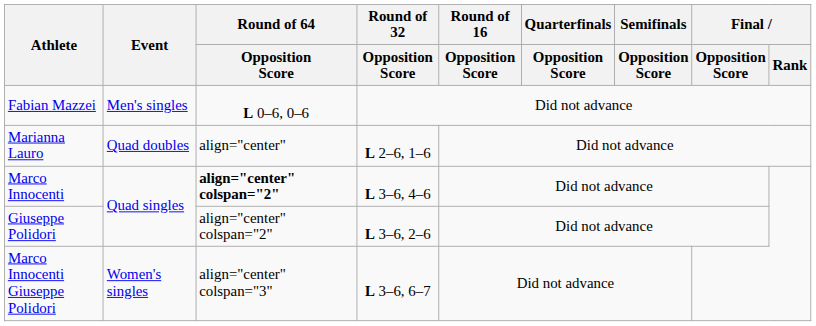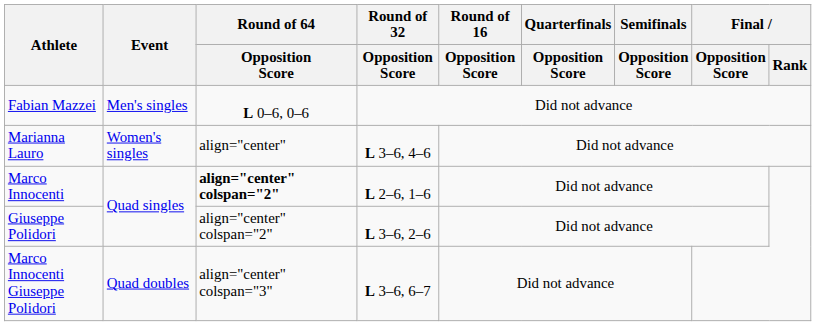 <table class=wikitable>
 <tr>
 <th rowspan="2">Athlete</th>
 <th rowspan="2">Event</th>
 <th>Round of 64</th>
 <th>Round of 32</th>
 <th>Round of 16</th>
 <th>Quarterfinals</th>
 <th>Semifinals</th>
 <th colspan="2">Final / </th>
 </tr>
 <tr>
 <th>Opposition<br>Score</th>
 <th>Opposition<br>Score</th>
 <th>Opposition<br>Score</th>
 <th>Opposition<br>Score</th>
 <th>Opposition<br>Score</th>
 <th>Opposition<br>Score</th>
 <th>Rank</th>
 </tr>
 <tr>
 <td><a href='#'>Fabian Mazzei</a></td>
 <td><a href='#'>Men's singles</a></td>
 <td align="center"><br> <strong>L</strong> 0–6, 0–6</td>
 <td align="center" colspan="6">Did not advance</td>
 </tr>
 <tr>
 <td><a href='#'>Marianna Lauro</a></td>
-<td><a href='#'>Quad doubles</a></td>
+<td><a href='#'>Women's singles</a></td>
 <td>align="center" </td>
-<td align="center"><br> <strong>L</strong> 2–6, 1–6</td>
+<td align="center"><br> <strong>L</strong> 3–6, 4–6</td>
 <td align="center" colspan="5">Did not advance</td>
 </tr>
 <tr>
 <td><a href='#'>Marco Innocenti</a></td>
 <td rowspan="2"><a href='#'>Quad singles</a></td>
 <td><strong>align="center" colspan="2" </strong></td>
-<td align="center"><br> <strong>L</strong> 3–6, 4–6</td>
+<td align="center"><br> <strong>L</strong> 2–6, 1–6</td>
 <td align="center" colspan="4">Did not advance</td>
 </tr>
 <tr>
 <td><a href='#'>Giuseppe Polidori</a></td>
 <td>align="center" colspan="2" </td>
 <td align="center"><br> <strong>L</strong> 3–6, 2–6</td>
 <td align="center" colspan="4">Did not advance</td>
 </tr>
 <tr>
 <td><a href='#'>Marco Innocenti</a><br><a href='#'>Giuseppe Polidori</a></td>
-<td><a href='#'>Women's singles</a></td>
+<td><a href='#'>Quad doubles</a></td>
 <td>align="center" colspan="3" </td>
 <td align="center"><br><strong>L</strong> 3–6, 6–7</td>
 <td align="center" colspan="3">Did not advance</td>
 </tr>
 </table>
